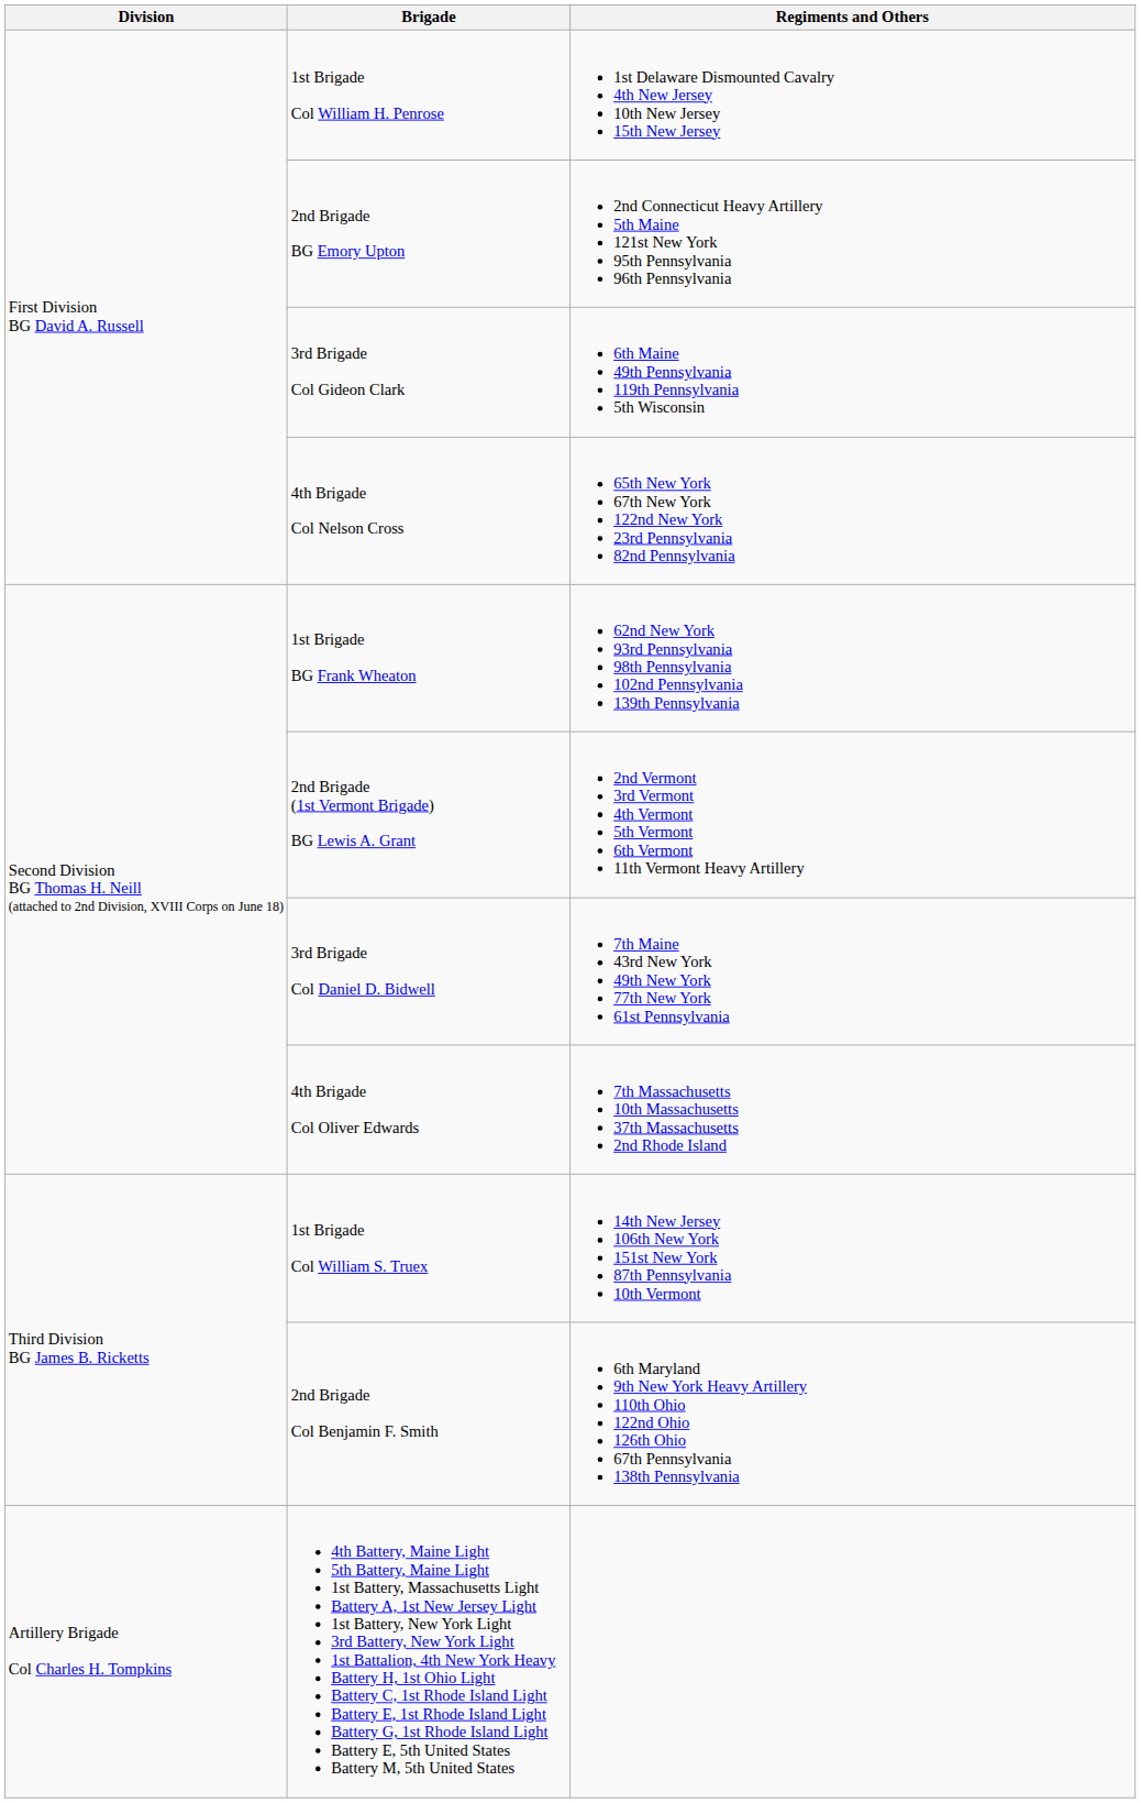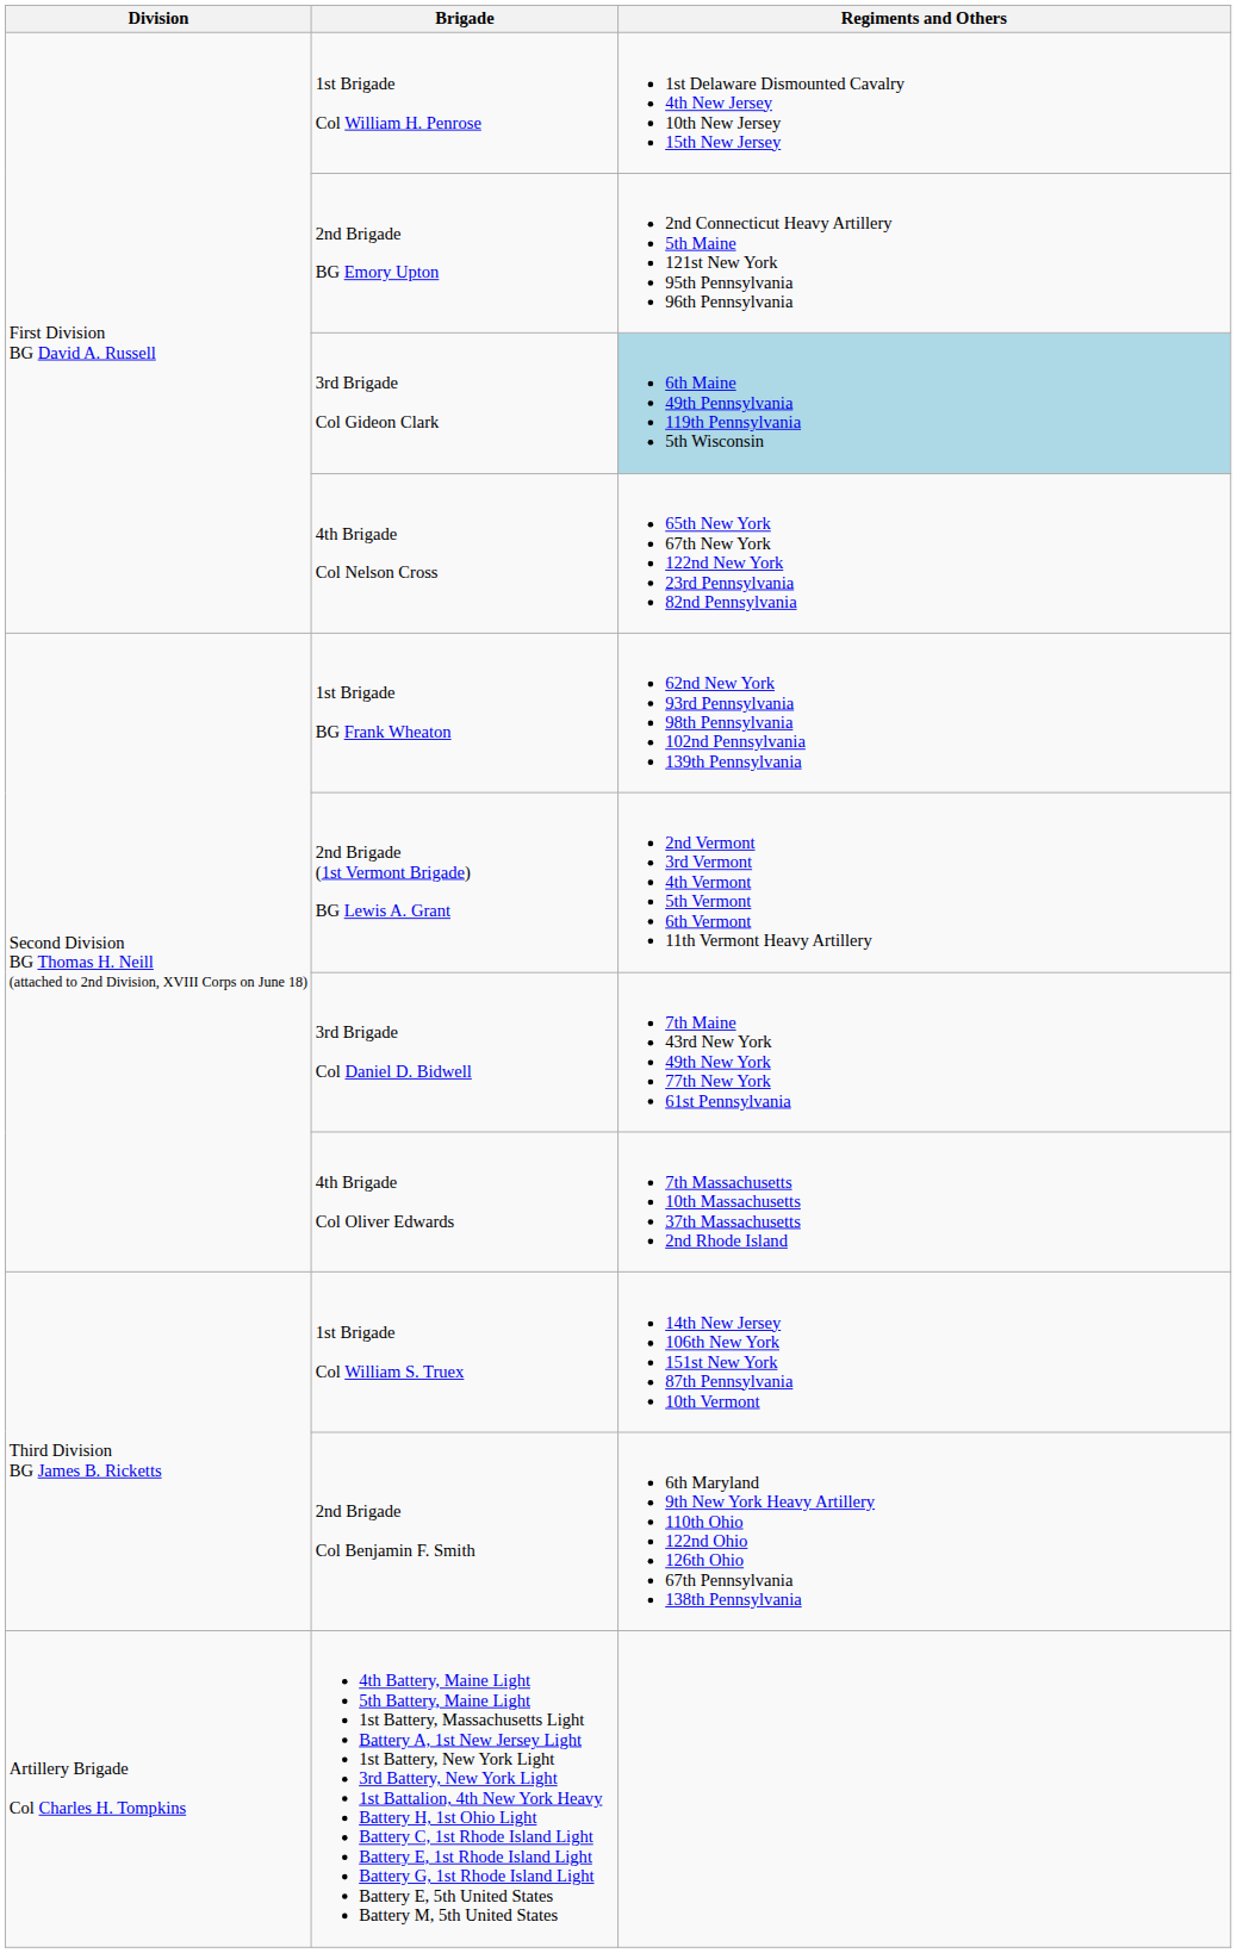 <table class="wikitable">
 <tr>
 <th width=25%>Division</th>
 <th width=25%>Brigade</th>
 <th>Regiments and Others</th>
 </tr>
 <tr>
 <td rowspan=4><br>First Division <br> BG <a href='#'>David A. Russell</a></td>
 <td>1st Brigade<br><br> Col <a href='#'>William H. Penrose</a></td>
 <td><br><ul><li>1st Delaware Dismounted Cavalry</li><li><a href='#'>4th New Jersey</a></li><li>10th New Jersey</li><li><a href='#'>15th New Jersey</a></li></ul></td>
 </tr>
 <tr>
 <td>2nd Brigade<br><br> BG <a href='#'>Emory Upton</a></td>
 <td><br><ul><li>2nd Connecticut Heavy Artillery</li><li><a href='#'>5th Maine</a></li><li>121st New York</li><li>95th Pennsylvania</li><li>96th Pennsylvania</li></ul></td>
 </tr>
 <tr>
 <td>3rd Brigade<br><br> Col Gideon Clark</td>
-<td><br><ul><li><a href='#'>6th Maine</a></li><li><a href='#'>49th Pennsylvania</a></li><li><a href='#'>119th Pennsylvania</a></li><li>5th Wisconsin</li></ul></td>
+<td style="background: lightblue;"><br><ul><li><a href='#'>6th Maine</a></li><li><a href='#'>49th Pennsylvania</a></li><li><a href='#'>119th Pennsylvania</a></li><li>5th Wisconsin</li></ul></td>
 </tr>
 <tr>
 <td>4th Brigade<br><br> Col Nelson Cross</td>
 <td><br><ul><li><a href='#'>65th New York</a></li><li>67th New York</li><li><a href='#'>122nd New York</a></li><li><a href='#'>23rd Pennsylvania</a></li><li><a href='#'>82nd Pennsylvania</a></li></ul></td>
 </tr>
 <tr>
 <td rowspan=4><br>Second Division <br> BG <a href='#'>Thomas H. Neill</a><br><small>(attached to 2nd Division, XVIII Corps on June 18)</small></td>
 <td>1st Brigade<br><br> BG <a href='#'>Frank Wheaton</a></td>
 <td><br><ul><li><a href='#'>62nd New York</a></li><li><a href='#'>93rd Pennsylvania</a></li><li><a href='#'>98th Pennsylvania</a></li><li><a href='#'>102nd Pennsylvania</a></li><li><a href='#'>139th Pennsylvania</a></li></ul></td>
 </tr>
 <tr>
 <td>2nd Brigade<br>(<a href='#'>1st Vermont Brigade</a>)<br><br> BG <a href='#'>Lewis A. Grant</a></td>
 <td><br><ul><li><a href='#'>2nd Vermont</a></li><li><a href='#'>3rd Vermont</a></li><li><a href='#'>4th Vermont</a></li><li><a href='#'>5th Vermont</a></li><li><a href='#'>6th Vermont</a></li><li>11th Vermont Heavy Artillery</li></ul></td>
 </tr>
 <tr>
 <td>3rd Brigade<br><br> Col <a href='#'>Daniel D. Bidwell</a></td>
 <td><br><ul><li><a href='#'>7th Maine</a></li><li>43rd New York</li><li><a href='#'>49th New York</a></li><li><a href='#'>77th New York</a></li><li><a href='#'>61st Pennsylvania</a></li></ul></td>
 </tr>
 <tr>
 <td>4th Brigade<br><br> Col Oliver Edwards</td>
 <td><br><ul><li><a href='#'>7th Massachusetts</a></li><li><a href='#'>10th Massachusetts</a></li><li><a href='#'>37th Massachusetts</a></li><li><a href='#'>2nd Rhode Island</a></li></ul></td>
 </tr>
 <tr>
 <td rowspan=2><br>Third Division <br> BG <a href='#'>James B. Ricketts</a></td>
 <td>1st Brigade<br><br> Col <a href='#'>William S. Truex</a></td>
 <td><br><ul><li><a href='#'>14th New Jersey</a></li><li><a href='#'>106th New York</a></li><li><a href='#'>151st New York</a></li><li><a href='#'>87th Pennsylvania</a></li><li><a href='#'>10th Vermont</a></li></ul></td>
 </tr>
 <tr>
 <td>2nd Brigade<br><br> Col Benjamin F. Smith</td>
 <td><br><ul><li>6th Maryland</li><li><a href='#'>9th New York Heavy Artillery</a></li><li><a href='#'>110th Ohio</a></li><li><a href='#'>122nd Ohio</a></li><li><a href='#'>126th Ohio</a></li><li>67th Pennsylvania</li><li><a href='#'>138th Pennsylvania</a></li></ul></td>
 </tr>
 <tr>
 <td>Artillery Brigade<br><br> Col <a href='#'>Charles H. Tompkins</a></td>
 <td><br><ul><li><a href='#'>4th Battery, Maine Light</a></li><li><a href='#'>5th Battery, Maine Light</a></li><li>1st Battery, Massachusetts Light</li><li><a href='#'>Battery A, 1st New Jersey Light</a></li><li>1st Battery, New York Light</li><li><a href='#'>3rd Battery, New York Light</a></li><li><a href='#'>1st Battalion, 4th New York Heavy</a></li><li><a href='#'>Battery H, 1st Ohio Light</a></li><li><a href='#'>Battery C, 1st Rhode Island Light</a></li><li><a href='#'>Battery E, 1st Rhode Island Light</a></li><li><a href='#'>Battery G, 1st Rhode Island Light</a></li><li>Battery E, 5th United States</li><li>Battery M, 5th United States</li></ul></td>
 </tr>
 </table>
